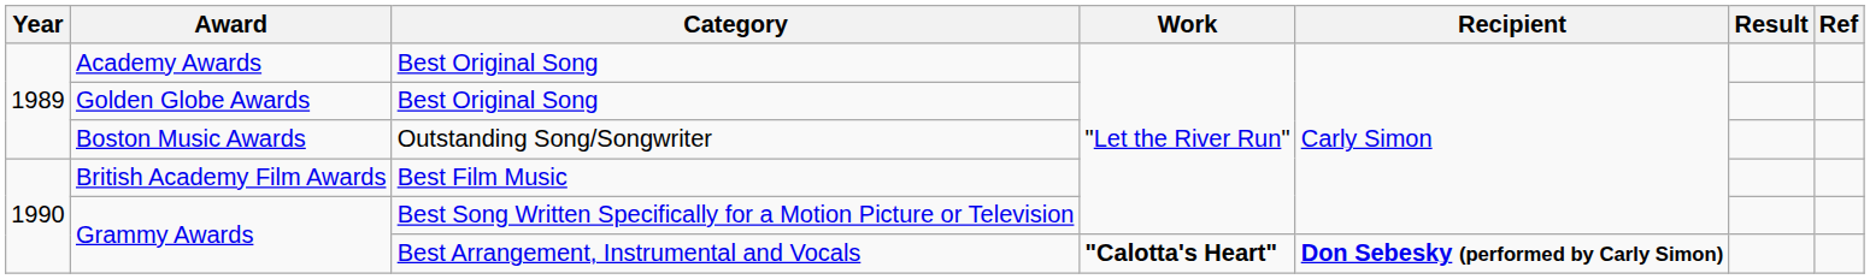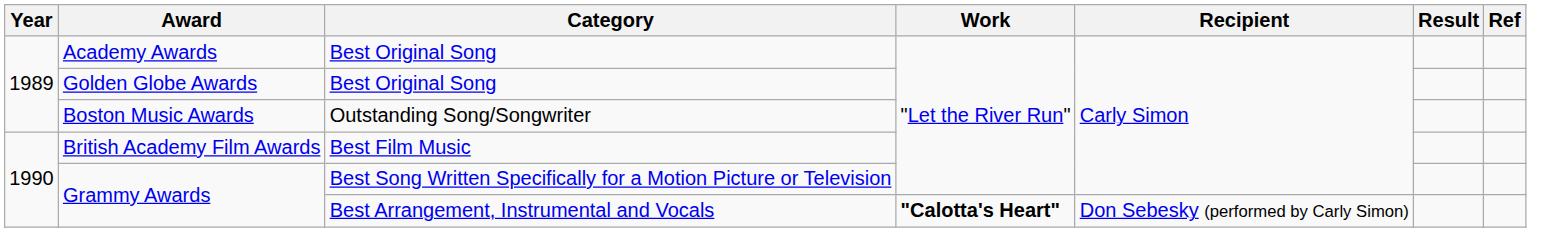 <table class="wikitable">
 <tr>
 <th>Year</th>
 <th>Award</th>
 <th>Category</th>
 <th>Work</th>
 <th>Recipient</th>
 <th>Result</th>
 <th>Ref</th>
 </tr>
 <tr>
 <td align="left" rowspan="3">1989</td>
 <td><a href='#'>Academy Awards</a></td>
 <td><a href='#'>Best Original Song</a></td>
 <td align="left" rowspan="5">"<a href='#'>Let the River Run</a>"</td>
 <td align="left" rowspan="5"><a href='#'>Carly Simon</a></td>
 <td></td>
 <td align="center"></td>
 </tr>
 <tr>
 <td><a href='#'>Golden Globe Awards</a></td>
 <td><a href='#'>Best Original Song</a></td>
 <td></td>
 <td align="center"></td>
 </tr>
 <tr>
 <td><a href='#'>Boston Music Awards</a></td>
 <td>Outstanding Song/Songwriter</td>
 <td></td>
 <td align="center"></td>
 </tr>
 <tr>
 <td align="left" rowspan="3">1990</td>
 <td><a href='#'>British Academy Film Awards</a></td>
 <td><a href='#'>Best Film Music</a></td>
 <td></td>
 <td align="center"></td>
 </tr>
 <tr>
 <td rowspan="2"><a href='#'>Grammy Awards</a></td>
 <td><a href='#'>Best Song Written Specifically for a Motion Picture or Television</a></td>
 <td></td>
 <td align="center"></td>
 </tr>
 <tr>
 <td><a href='#'>Best Arrangement, Instrumental and Vocals</a></td>
 <td><strong>"Calotta's Heart"</strong></td>
-<td><strong><a href='#'>Don Sebesky</a> <small>(performed by Carly Simon)</small></strong></td>
+<td><a href='#'>Don Sebesky</a> <small>(performed by Carly Simon)</small></td>
 <td></td>
 <td align="center"></td>
 </tr>
 </table>
